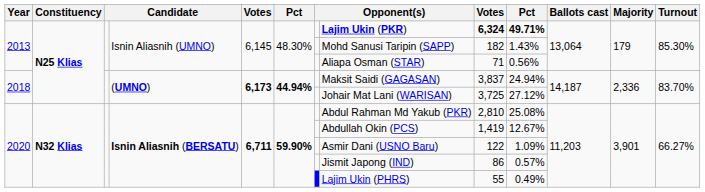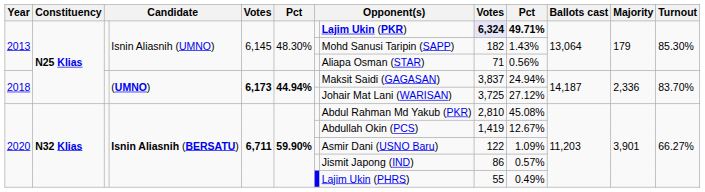 <table class="wikitable" style="margin:0.5em ; font-size:95%">
 <tr>
 <th>Year</th>
 <th>Constituency</th>
 <th colspan=2>Candidate</th>
 <th>Votes</th>
 <th>Pct</th>
 <th colspan=2>Opponent(s)</th>
 <th>Votes</th>
 <th>Pct</th>
 <th>Ballots cast</th>
 <th>Majority</th>
 <th>Turnout</th>
 </tr>
 <tr>
 <td rowspan=3><a href='#'>2013</a></td>
 <td rowspan=5><strong>N25 <a href='#'>Klias</a></strong></td>
 <td rowspan=3 ></td>
 <td rowspan=3>Isnin Aliasnih (<a href='#'>UMNO</a>)</td>
 <td rowspan=3 align="right">6,145</td>
 <td rowspan=3>48.30%</td>
 <td></td>
 <td><strong><a href='#'>Lajim Ukin</a></strong> (<a href='#'><strong>PKR</strong></a>)</td>
-<td align="right"><strong>6,324</strong></td>
+<td align="right" style="background: lavender;"><strong>6,324</strong></td>
 <td><strong>49.71%</strong></td>
 <td rowspan=3>13,064</td>
 <td rowspan=3>179</td>
 <td rowspan=3>85.30%</td>
 </tr>
 <tr>
 <td></td>
 <td>Mohd Sanusi Taripin (<a href='#'>SAPP</a>)</td>
 <td align="right">182</td>
 <td>1.43%</td>
 </tr>
 <tr>
 <td></td>
 <td>Aliapa Osman (<a href='#'>STAR</a>)</td>
 <td align="right">71</td>
 <td>0.56%</td>
 </tr>
 <tr>
 <td rowspan=2><a href='#'>2018</a></td>
 <td rowspan=2 ></td>
 <td rowspan=2> (<strong><a href='#'>UMNO</a></strong>)</td>
 <td rowspan=2 align="right"><strong>6,173</strong></td>
 <td rowspan=2><strong>44.94%</strong></td>
 <td></td>
 <td>Maksit Saidi (<a href='#'>GAGASAN</a>)</td>
 <td align="right">3,837</td>
 <td>24.94%</td>
 <td rowspan=2>14,187</td>
 <td rowspan=2>2,336</td>
 <td rowspan=2>83.70%</td>
 </tr>
 <tr>
 <td></td>
 <td>Johair Mat Lani (<a href='#'>WARISAN</a>)</td>
 <td align="right">3,725</td>
 <td>27.12%</td>
 </tr>
 <tr>
 <td rowspan=5><a href='#'>2020</a></td>
 <td rowspan=5><strong>N32 <a href='#'>Klias</a></strong></td>
 <td rowspan=5 bgcolor=></td>
 <td rowspan=5><strong>Isnin Aliasnih</strong> (<strong><a href='#'>BERSATU</a></strong>)</td>
 <td rowspan=5 align="right"><strong>6,711</strong></td>
 <td rowspan=5><strong>59.90%</strong></td>
 <td></td>
 <td>Abdul Rahman Md Yakub (<a href='#'>PKR</a>)</td>
 <td align="right">2,810</td>
-<td>25.08%</td>
+<td>45.08%</td>
 <td rowspan=5>11,203</td>
 <td rowspan=5>3,901</td>
 <td rowspan=5>66.27%</td>
 </tr>
 <tr>
 <td></td>
 <td>Abdullah Okin (<a href='#'>PCS</a>)</td>
 <td align="right">1,419</td>
 <td>12.67%</td>
 </tr>
 <tr>
 <td bgcolor=></td>
 <td>Asmir Dani (<a href='#'>USNO Baru</a>)</td>
 <td align="right">122</td>
 <td align="right">1.09%</td>
 </tr>
 <tr>
 <td></td>
 <td>Jismit Japong (<a href='#'>IND</a>)</td>
 <td align="right">86</td>
 <td align="right">0.57%</td>
 </tr>
 <tr>
 <td bgcolor=blue></td>
 <td><a href='#'>Lajim Ukin</a> (<a href='#'>PHRS</a>)</td>
 <td align="right">55</td>
 <td align="right">0.49%</td>
 </tr>
 </table>
